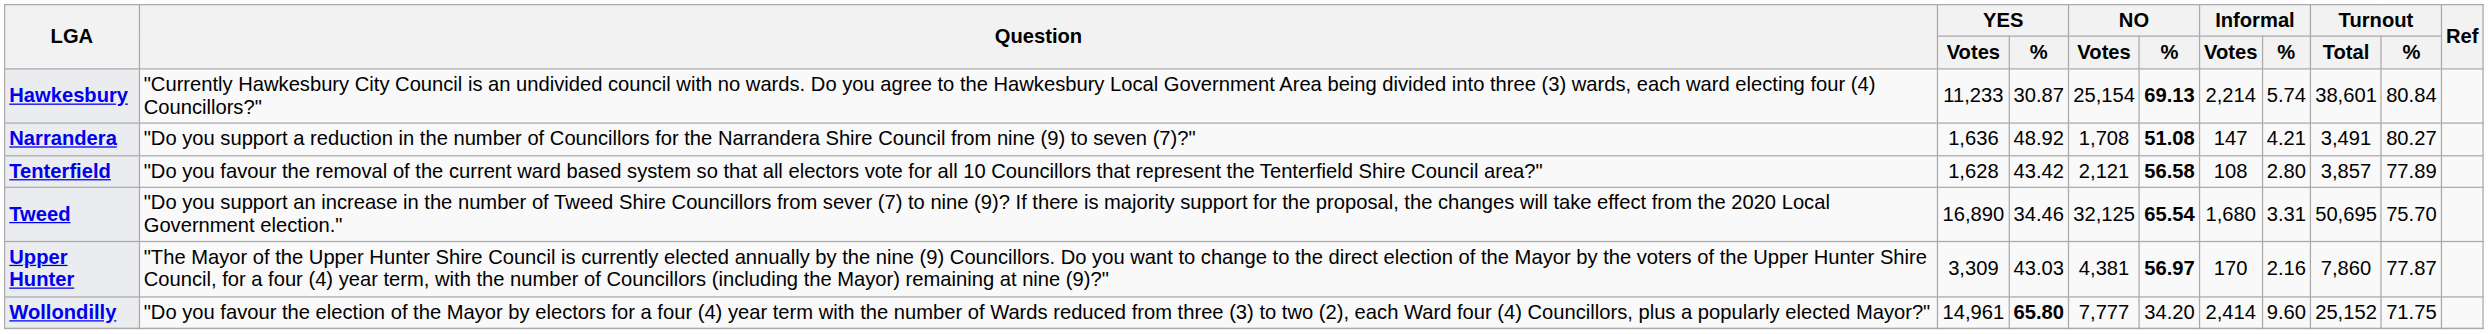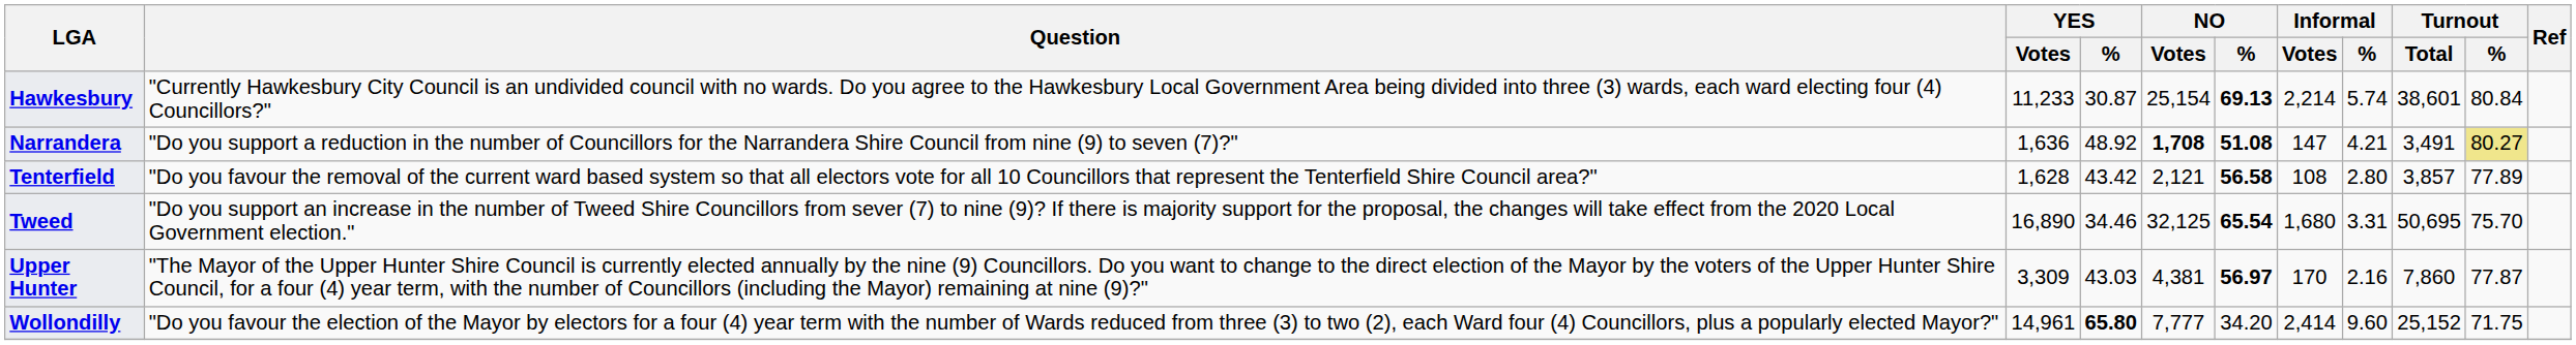 <table class="wikitable sortable">
 <tr>
 <th rowspan="2" style="text-align:center;">LGA</th>
 <th rowspan="2" style="text-align:center;">Question</th>
 <th colspan="2" align="center">YES</th>
 <th colspan="2" align="center">NO</th>
 <th colspan="2" align="center">Informal</th>
 <th colspan="2" align="center">Turnout</th>
 <th rowspan="2" style="text-align:center;" class=unsortable>Ref</th>
 </tr>
 <tr>
 <th align="center">Votes</th>
 <th align="center">%</th>
 <th align="center">Votes</th>
 <th align="center">%</th>
 <th align="center">Votes</th>
 <th align="center">%</th>
 <th align="center">Total</th>
 <th align="center">%</th>
 </tr>
 <tr>
 <td align="left"; style=background:#EAECF0><strong><a href='#'>Hawkesbury</a></strong></td>
 <td>"Currently Hawkesbury City Council is an undivided council with no wards. Do you agree to the Hawkesbury Local Government Area being divided into three (3) wards, each ward electing four (4) Councillors?"</td>
 <td style="text-align:center;">11,233</td>
 <td>30.87</td>
 <td style="text-align:center;">25,154</td>
 <td><strong>69.13</strong></td>
 <td style="text-align:center;">2,214</td>
 <td align="center">5.74</td>
 <td style="text-align:center;">38,601</td>
 <td align="center">80.84</td>
 <td align="center"></td>
 </tr>
 <tr>
 <td align="left"; style=background:#EAECF0><strong><a href='#'>Narrandera</a></strong></td>
 <td>"Do you support a reduction in the number of Councillors for the Narrandera Shire Council from nine (9) to seven (7)?"</td>
 <td style="text-align:center;">1,636</td>
 <td>48.92</td>
-<td style="text-align:center;">1,708</td>
+<td style="text-align:center;"><strong>1,708</strong></td>
 <td><strong>51.08</strong></td>
 <td style="text-align:center;">147</td>
 <td align="center">4.21</td>
 <td style="text-align:center;">3,491</td>
-<td align="center">80.27</td>
+<td align="center" style="background: khaki;">80.27</td>
 <td align="center"></td>
 </tr>
 <tr>
 <td align="left"; style=background:#EAECF0><strong><a href='#'>Tenterfield</a></strong></td>
 <td>"Do you favour the removal of the current ward based system so that all electors vote for all 10 Councillors that represent the Tenterfield Shire Council area?"</td>
 <td style="text-align:center;">1,628</td>
 <td>43.42</td>
 <td style="text-align:center;">2,121</td>
 <td><strong>56.58</strong></td>
 <td style="text-align:center;">108</td>
 <td align="center">2.80</td>
 <td style="text-align:center;">3,857</td>
 <td align="center">77.89</td>
 <td align="center"></td>
 </tr>
 <tr>
 <td align="left"; style=background:#EAECF0><strong><a href='#'>Tweed</a></strong></td>
 <td>"Do you support an increase in the number of Tweed Shire Councillors from sever (7) to nine (9)? If there is majority support for the proposal, the changes will take effect from the 2020 Local Government election."</td>
 <td style="text-align:center;">16,890</td>
 <td>34.46</td>
 <td style="text-align:center;">32,125</td>
 <td><strong>65.54</strong></td>
 <td style="text-align:center;">1,680</td>
 <td align="center">3.31</td>
 <td style="text-align:center;">50,695</td>
 <td align="center">75.70</td>
 <td align="center"></td>
 </tr>
 <tr>
 <td align="left"; style=background:#EAECF0><strong><a href='#'>Upper Hunter</a></strong></td>
 <td>"The Mayor of the Upper Hunter Shire Council is currently elected annually by the nine (9) Councillors. Do you want to change to the direct election of the Mayor by the voters of the Upper Hunter Shire Council, for a four (4) year term, with the number of Councillors (including the Mayor) remaining at nine (9)?"</td>
 <td style="text-align:center;">3,309</td>
 <td>43.03</td>
 <td style="text-align:center;">4,381</td>
 <td><strong>56.97</strong></td>
 <td style="text-align:center;">170</td>
 <td align="center">2.16</td>
 <td style="text-align:center;">7,860</td>
 <td align="center">77.87</td>
 <td align="center"></td>
 </tr>
 <tr>
 <td align="left"; style=background:#EAECF0><strong><a href='#'>Wollondilly</a></strong></td>
 <td>"Do you favour the election of the Mayor by electors for a four (4) year term with the number of Wards reduced from three (3) to two (2), each Ward  four (4) Councillors, plus a popularly elected Mayor?"</td>
 <td style="text-align:center;">14,961</td>
 <td><strong>65.80</strong></td>
 <td style="text-align:center;">7,777</td>
 <td>34.20</td>
 <td style="text-align:center;">2,414</td>
 <td align="center">9.60</td>
 <td style="text-align:center;">25,152</td>
 <td align="center">71.75</td>
 <td align="center"></td>
 </tr>
 <tr>
 </tr>
 </table>
